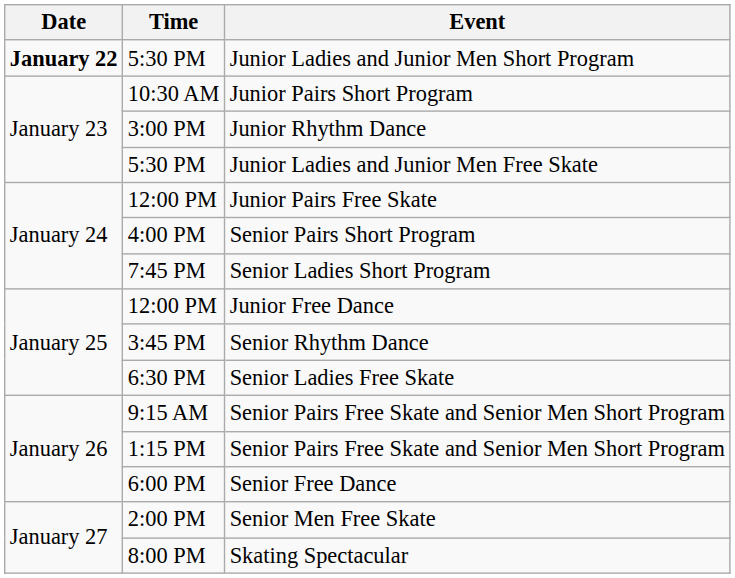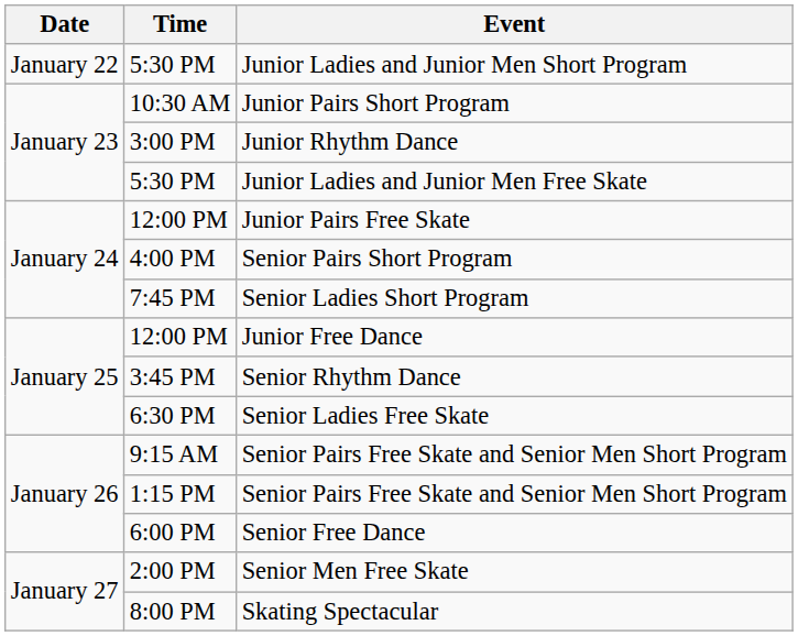 <table class="wikitable">
 <tr>
 <th>Date</th>
 <th>Time</th>
 <th>Event</th>
 </tr>
 <tr>
-<td rowspan=1><strong>January 22</strong></td>
+<td rowspan=1>January 22</td>
 <td>5:30 PM</td>
 <td>Junior Ladies and Junior Men Short Program</td>
 </tr>
 <tr>
 <td rowspan=3>January 23</td>
 <td>10:30 AM</td>
 <td>Junior Pairs Short Program</td>
 </tr>
 <tr>
 <td>3:00 PM</td>
 <td>Junior Rhythm Dance</td>
 </tr>
 <tr>
 <td>5:30 PM</td>
 <td>Junior Ladies and Junior Men Free Skate</td>
 </tr>
 <tr>
 <td rowspan=3>January 24</td>
 <td>12:00 PM</td>
 <td>Junior Pairs Free Skate</td>
 </tr>
 <tr>
 <td>4:00 PM</td>
 <td>Senior Pairs Short Program</td>
 </tr>
 <tr>
 <td>7:45 PM</td>
 <td>Senior Ladies Short Program</td>
 </tr>
 <tr>
 <td rowspan=3>January 25</td>
 <td>12:00 PM</td>
 <td>Junior Free Dance</td>
 </tr>
 <tr>
 <td>3:45 PM</td>
 <td>Senior Rhythm Dance</td>
 </tr>
 <tr>
 <td>6:30 PM</td>
 <td>Senior Ladies Free Skate</td>
 </tr>
 <tr>
 <td rowspan=3>January 26</td>
 <td>9:15 AM</td>
 <td>Senior Pairs Free Skate and Senior Men Short Program</td>
 </tr>
 <tr>
 <td>1:15 PM</td>
 <td>Senior Pairs Free Skate and Senior Men Short Program</td>
 </tr>
 <tr>
 <td>6:00 PM</td>
 <td>Senior Free Dance</td>
 </tr>
 <tr>
 <td rowspan=2>January 27</td>
 <td>2:00 PM</td>
 <td>Senior Men Free Skate</td>
 </tr>
 <tr>
 <td>8:00 PM</td>
 <td>Skating Spectacular</td>
 </tr>
 </table>
